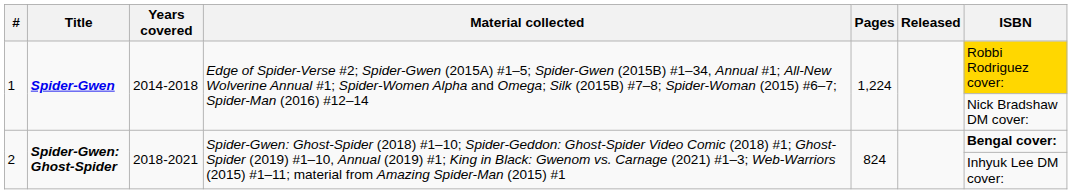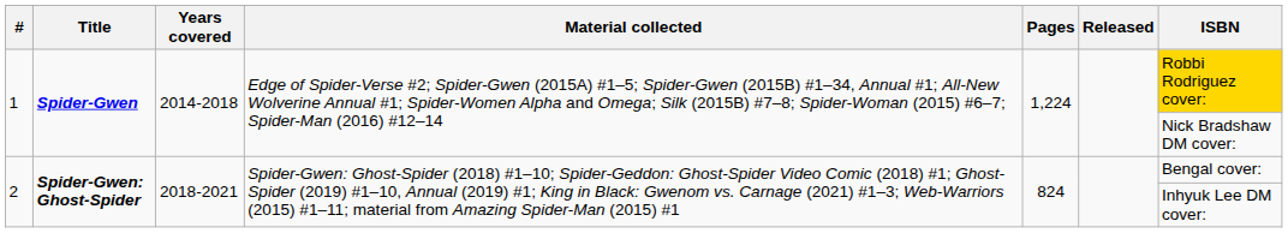 <table class="wikitable sortable" width="99%">
 <tr>
 <th class="unsortable" width="20px">#</th>
 <th>Title</th>
 <th>Years covered</th>
 <th class="unsortable">Material collected</th>
 <th>Pages</th>
 <th>Released</th>
 <th class="unsortable">ISBN</th>
 </tr>
 <tr>
 <td rowspan="2">1</td>
 <td rowspan="2"><strong><em><a href='#'>Spider-Gwen</a></em></strong></td>
 <td rowspan="2">2014-2018</td>
 <td rowspan="2"><em>Edge of Spider-Verse</em> #2; <em>Spider-Gwen</em> (2015A) #1–5; <em>Spider-Gwen</em> (2015B) #1–34, <em>Annual</em> #1; <em>All-New Wolverine Annual</em> #1; <em>Spider-Women Alpha</em> and <em>Omega</em>; <em>Silk</em> (2015B) #7–8; <em>Spider-Woman</em> (2015) #6–7; <em>Spider-Man</em> (2016) #12–14</td>
 <td rowspan="2" style="text-align: center;">1,224</td>
 <td rowspan="2"></td>
 <td style="background: gold;">Robbi Rodriguez cover: </td>
 </tr>
 <tr>
 <td>Nick Bradshaw DM cover: </td>
 </tr>
 <tr>
 <td rowspan="2">2</td>
 <td rowspan="2"><strong><em>Spider-Gwen: Ghost-Spider</em></strong></td>
 <td rowspan="2">2018-2021</td>
 <td rowspan="2"><em>Spider-Gwen: Ghost-Spider</em> (2018) #1–10; <em>Spider-Geddon: Ghost-Spider Video Comic</em> (2018) #1; <em>Ghost-Spider</em> (2019) #1–10, <em>Annual</em> (2019) #1; <em>King in Black: Gwenom vs. Carnage</em> (2021) #1–3; <em>Web-Warriors</em> (2015) #1–11; material from <em>Amazing Spider-Man</em> (2015) #1</td>
 <td rowspan="2" style="text-align: center;">824</td>
 <td rowspan="2"></td>
-<td><strong>Bengal cover: </strong></td>
+<td>Bengal cover: </td>
 </tr>
 <tr>
 <td>Inhyuk Lee DM cover: </td>
 </tr>
 </table>
